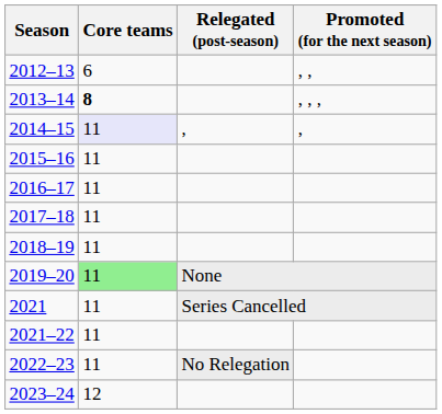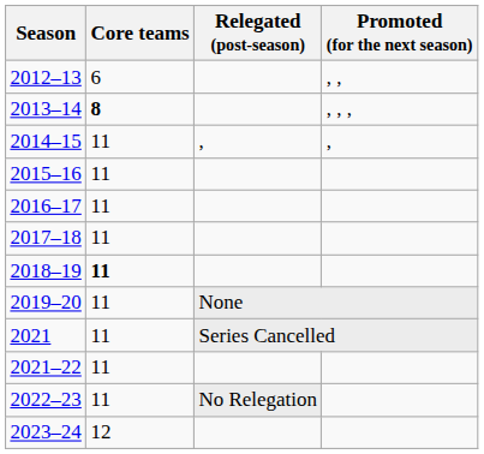 <table class="wikitable sortable">
 <tr>
 <th>Season</th>
 <th>Core teams</th>
 <th>Relegated<br><small>(post-season)</small></th>
 <th>Promoted<br><small>(for the next season)</small></th>
 </tr>
 <tr>
 <td><a href='#'>2012–13</a></td>
 <td>6</td>
 <td></td>
 <td>, , </td>
 </tr>
 <tr>
 <td><a href='#'>2013–14</a></td>
 <td><strong>8</strong></td>
 <td></td>
 <td>, , , </td>
 </tr>
 <tr>
 <td><a href='#'>2014–15</a></td>
-<td style="background: lavender;">11</td>
+<td>11</td>
 <td>, </td>
 <td>, </td>
 </tr>
 <tr>
 <td><a href='#'>2015–16</a></td>
 <td>11</td>
 <td></td>
 <td></td>
 </tr>
 <tr>
 <td><a href='#'>2016–17</a></td>
 <td>11</td>
 <td></td>
 <td></td>
 </tr>
 <tr>
 <td><a href='#'>2017–18</a></td>
 <td>11</td>
 <td></td>
 <td></td>
 </tr>
 <tr>
 <td><a href='#'>2018–19</a></td>
-<td>11</td>
+<td><strong>11</strong></td>
 <td></td>
 <td></td>
 </tr>
 <tr>
 <td><a href='#'>2019–20</a></td>
-<td style="background: lightgreen;">11</td>
+<td>11</td>
 <td colspan="2" style="background:#ececec">None</td>
 </tr>
 <tr>
 <td><a href='#'>2021</a></td>
 <td>11</td>
 <td colspan="2" style="background:#ececec">Series Cancelled</td>
 </tr>
 <tr>
 <td><a href='#'>2021–22</a></td>
 <td>11</td>
 <td></td>
 <td></td>
 </tr>
 <tr>
 <td><a href='#'>2022–23</a></td>
 <td>11</td>
 <td style="background:#ececec">No Relegation</td>
 <td></td>
 </tr>
 <tr>
 <td><a href='#'>2023–24</a></td>
 <td>12</td>
 <td></td>
 <td></td>
 </tr>
 </table>
